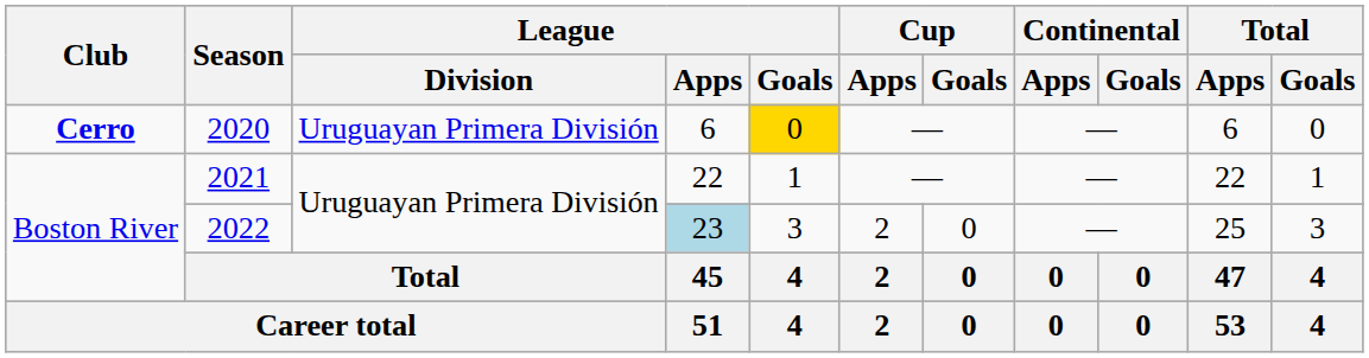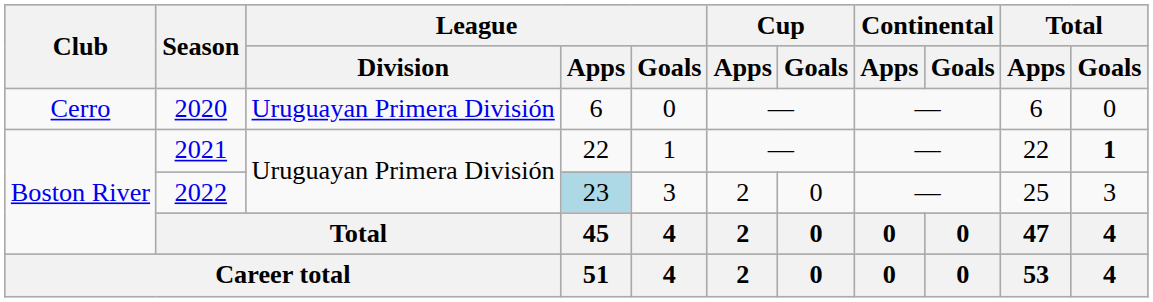 <table class="wikitable" Style="text-align: center">
 <tr>
 <th rowspan="2">Club</th>
 <th rowspan="2">Season</th>
 <th colspan="3">League</th>
 <th colspan="2">Cup</th>
 <th colspan="2">Continental</th>
 <th colspan="2">Total</th>
 </tr>
 <tr>
 <th>Division</th>
 <th>Apps</th>
 <th>Goals</th>
 <th>Apps</th>
 <th>Goals</th>
 <th>Apps</th>
 <th>Goals</th>
 <th>Apps</th>
 <th>Goals</th>
 </tr>
 <tr>
-<td><strong><a href='#'>Cerro</a></strong></td>
+<td><a href='#'>Cerro</a></td>
 <td><a href='#'>2020</a></td>
 <td><a href='#'>Uruguayan Primera División</a></td>
 <td>6</td>
-<td style="background: gold;">0</td>
+<td>0</td>
 <td colspan="2">—</td>
 <td colspan="2">—</td>
 <td>6</td>
 <td>0</td>
 </tr>
 <tr>
 <td rowspan="3"><a href='#'>Boston River</a></td>
 <td><a href='#'>2021</a></td>
 <td rowspan="2">Uruguayan Primera División</td>
 <td>22</td>
 <td>1</td>
 <td colspan="2">—</td>
 <td colspan="2">—</td>
 <td>22</td>
-<td>1</td>
+<td><strong>1</strong></td>
 </tr>
 <tr>
 <td><a href='#'>2022</a></td>
 <td style="background: lightblue;">23</td>
 <td>3</td>
 <td>2</td>
 <td>0</td>
 <td colspan="2">—</td>
 <td>25</td>
 <td>3</td>
 </tr>
 <tr>
 <th colspan="2">Total</th>
 <th>45</th>
 <th>4</th>
 <th>2</th>
 <th>0</th>
 <th>0</th>
 <th>0</th>
 <th>47</th>
 <th>4</th>
 </tr>
 <tr>
 <th colspan="3">Career total</th>
 <th>51</th>
 <th>4</th>
 <th>2</th>
 <th>0</th>
 <th>0</th>
 <th>0</th>
 <th>53</th>
 <th>4</th>
 </tr>
 </table>
